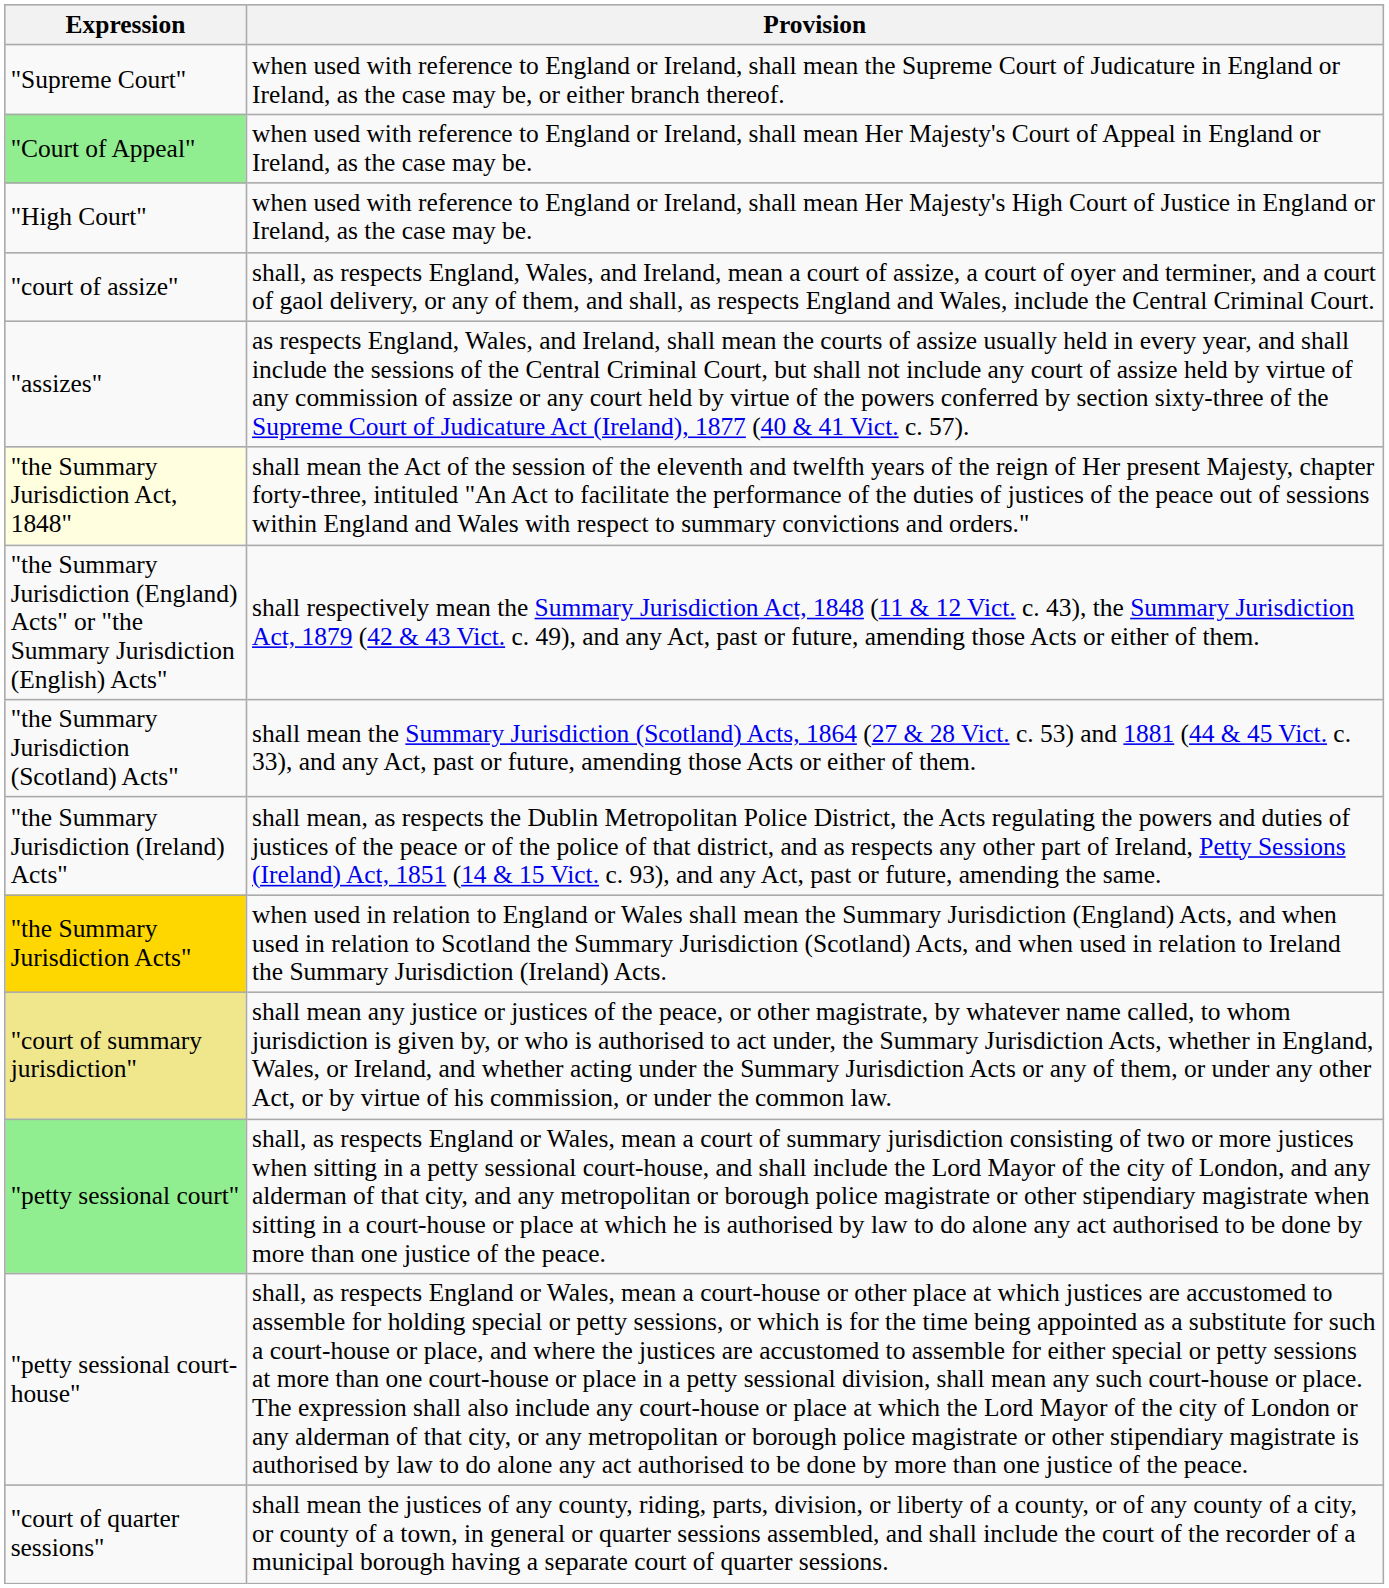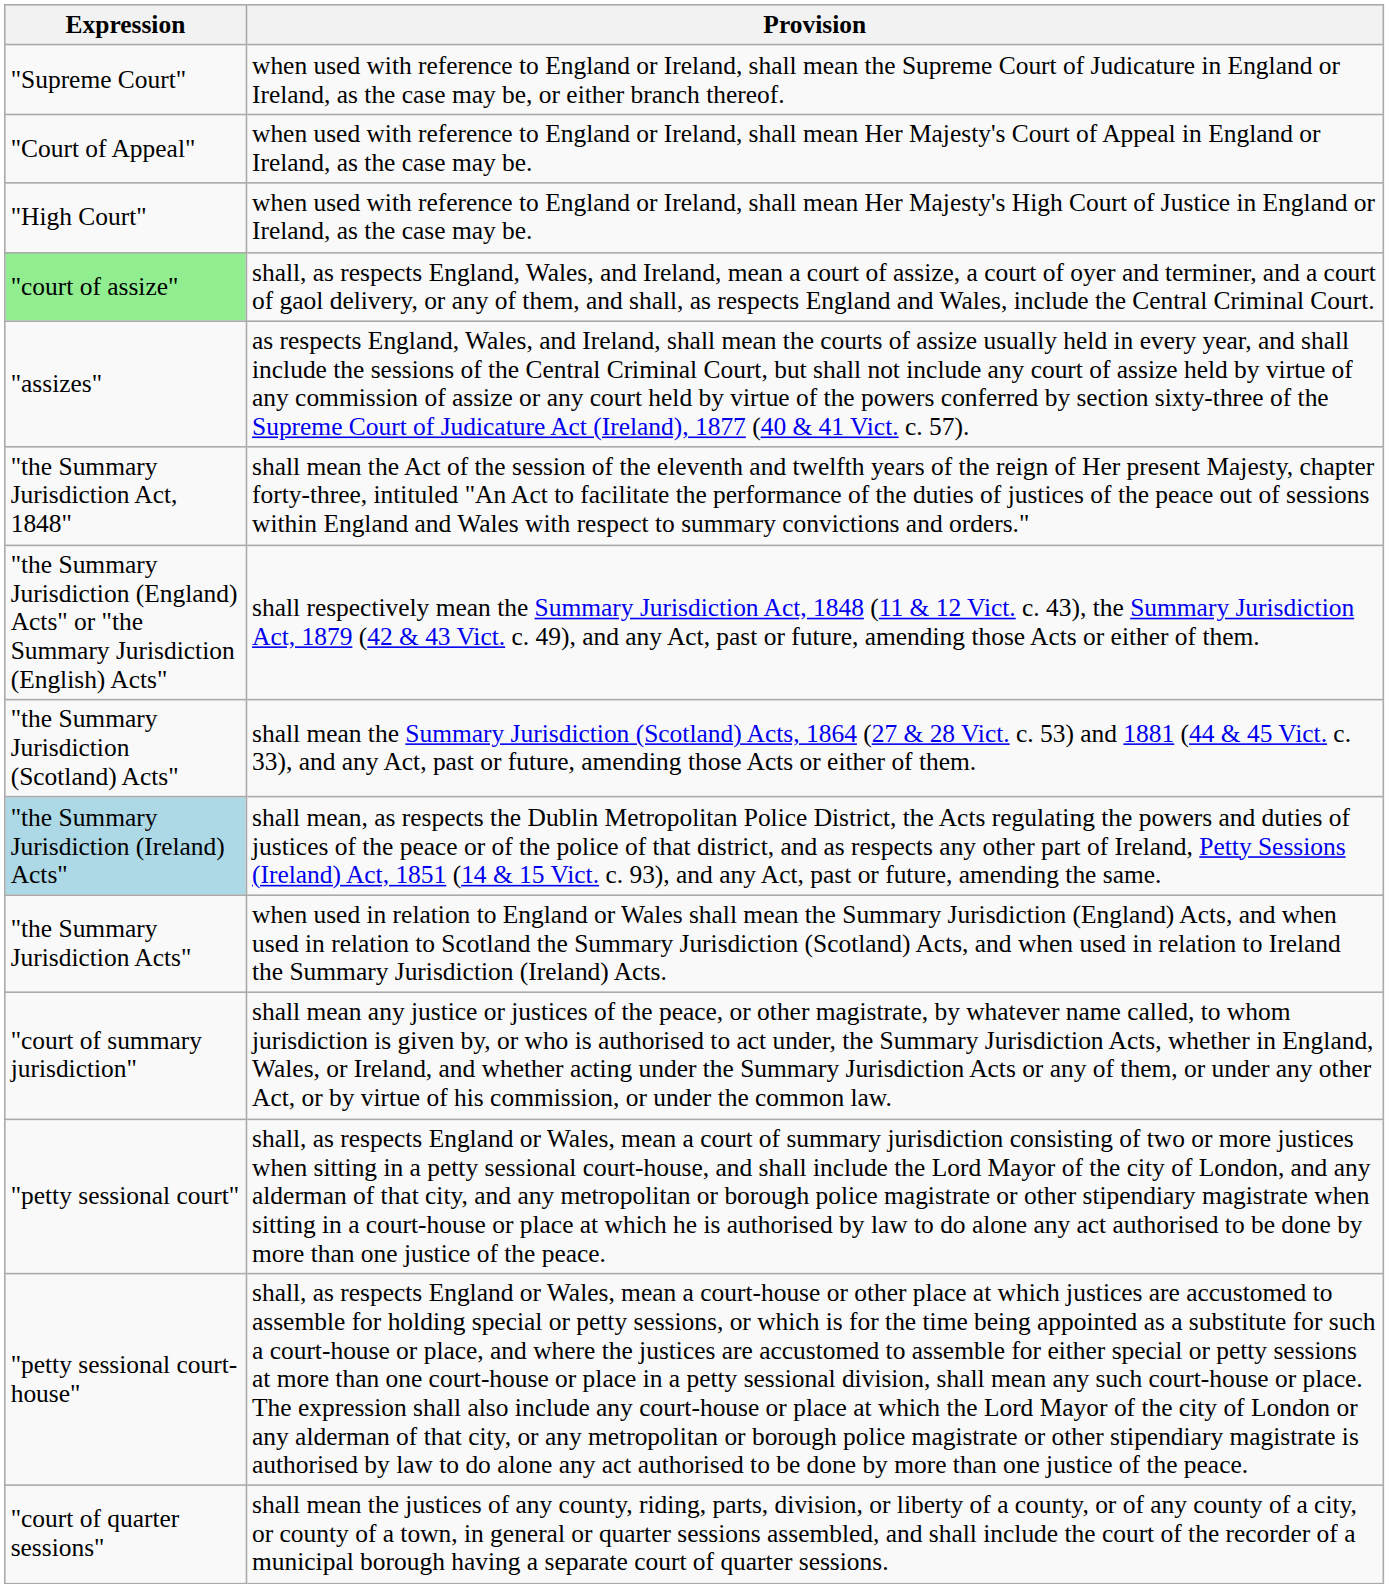 <table class="wikitable">
 <tr>
 <th>Expression</th>
 <th>Provision</th>
 </tr>
 <tr>
 <td>"Supreme Court"</td>
 <td>when used with reference to England or Ireland, shall mean the Supreme Court of Judicature in England or Ireland, as the case may be, or either branch thereof.</td>
 </tr>
 <tr>
-<td style="background: lightgreen;">"Court of Appeal"</td>
+<td>"Court of Appeal"</td>
 <td>when used with reference to England or Ireland, shall mean Her Majesty's Court of Appeal in England or Ireland, as the case may be.</td>
 </tr>
 <tr>
 <td>"High Court"</td>
 <td>when used with reference to England or Ireland, shall mean Her Majesty's High Court of Justice in England or Ireland, as the case may be.</td>
 </tr>
 <tr>
-<td>"court of assize"</td>
+<td style="background: lightgreen;">"court of assize"</td>
 <td>shall, as respects England, Wales, and Ireland, mean a court of assize, a court of oyer and terminer, and a court of gaol delivery, or any of them, and shall, as respects England and Wales, include the Central Criminal Court.</td>
 </tr>
 <tr>
 <td>"assizes"</td>
 <td>as respects England, Wales, and Ireland, shall mean the courts of assize usually held in every year, and shall include the sessions of the Central Criminal Court, but shall not include any court of assize held by virtue of any commission of assize or any court held by virtue of the powers conferred by section sixty-three of the <a href='#'>Supreme Court of Judicature Act (Ireland), 1877</a> (<a href='#'>40 & 41 Vict.</a> c. 57).</td>
 </tr>
 <tr>
-<td style="background: lightyellow;">"the Summary Jurisdiction Act, 1848"</td>
+<td>"the Summary Jurisdiction Act, 1848"</td>
 <td>shall mean the Act of the session of the eleventh and twelfth years of the reign of Her present Majesty, chapter forty-three, intituled "An Act to facilitate the performance of the duties of justices of the peace out of sessions within England and Wales with respect to summary convictions and orders."</td>
 </tr>
 <tr>
 <td>"the Summary Jurisdiction (England) Acts" or "the Summary Jurisdiction (English) Acts"</td>
 <td>shall respectively mean the <a href='#'>Summary Jurisdiction Act, 1848</a> (<a href='#'>11 & 12 Vict.</a> c. 43), the <a href='#'>Summary Jurisdiction Act, 1879</a> (<a href='#'>42 & 43 Vict.</a> c. 49), and any Act, past or future, amending those Acts or either of them.</td>
 </tr>
 <tr>
 <td>"the Summary Jurisdiction (Scotland) Acts"</td>
 <td>shall mean the <a href='#'>Summary Jurisdiction (Scotland) Acts, 1864</a> (<a href='#'>27 & 28 Vict.</a> c. 53) and <a href='#'>1881</a> (<a href='#'>44 & 45 Vict.</a> c. 33), and any Act, past or future, amending those Acts or either of them.</td>
 </tr>
 <tr>
-<td>"the Summary Jurisdiction (Ireland) Acts"</td>
+<td style="background: lightblue;">"the Summary Jurisdiction (Ireland) Acts"</td>
 <td>shall mean, as respects the Dublin Metropolitan Police District, the Acts regulating the powers and duties of justices of the peace or of the police of that district, and as respects any other part of Ireland, <a href='#'>Petty Sessions (Ireland) Act, 1851</a> (<a href='#'>14 & 15 Vict.</a> c. 93), and any Act, past or future, amending the same.</td>
 </tr>
 <tr>
-<td style="background: gold;">"the Summary Jurisdiction Acts"</td>
+<td>"the Summary Jurisdiction Acts"</td>
 <td>when used in relation to England or Wales shall mean the Summary Jurisdiction (England) Acts, and when used in relation to Scotland the Summary Jurisdiction (Scotland) Acts, and when used in relation to Ireland the Summary Jurisdiction (Ireland) Acts.</td>
 </tr>
 <tr>
-<td style="background: khaki;">"court of summary jurisdiction"</td>
+<td>"court of summary jurisdiction"</td>
 <td>shall mean any justice or justices of the peace, or other magistrate, by whatever name called, to whom jurisdiction is given by, or who is authorised to act under, the Summary Jurisdiction Acts, whether in England, Wales, or Ireland, and whether acting under the Summary Jurisdiction Acts or any of them, or under any other Act, or by virtue of his commission, or under the common law.</td>
 </tr>
 <tr>
-<td style="background: lightgreen;">"petty sessional court"</td>
+<td>"petty sessional court"</td>
 <td>shall, as respects England or Wales, mean a court of summary jurisdiction consisting of two or more justices when sitting in a petty sessional court-house, and shall include the Lord Mayor of the city of London, and any alderman of that city, and any metropolitan or borough police magistrate or other stipendiary magistrate when sitting in a court-house or place at which he is authorised by law to do alone any act authorised to be done by more than one justice of the peace.</td>
 </tr>
 <tr>
 <td>"petty sessional court-house"</td>
 <td>shall, as respects England or Wales, mean a court-house or other place at which justices are accustomed to assemble for holding special or petty sessions, or which is for the time being appointed as a substitute for such a court-house or place, and where the justices are accustomed to assemble for either special or petty sessions at more than one court-house or place in a petty sessional division, shall mean any such court-house or place. The expression shall also include any court-house or place at which the Lord Mayor of the city of London or any alderman of that city, or any metropolitan or borough police magistrate or other stipendiary magistrate is authorised by law to do alone any act authorised to be done by more than one justice of the peace.</td>
 </tr>
 <tr>
 <td>"court of quarter sessions"</td>
 <td>shall mean the justices of any county, riding, parts, division, or liberty of a county, or of any county of a city, or county of a town, in general or quarter sessions assembled, and shall include the court of the recorder of a municipal borough having a separate court of quarter sessions.</td>
 </tr>
 </table>
